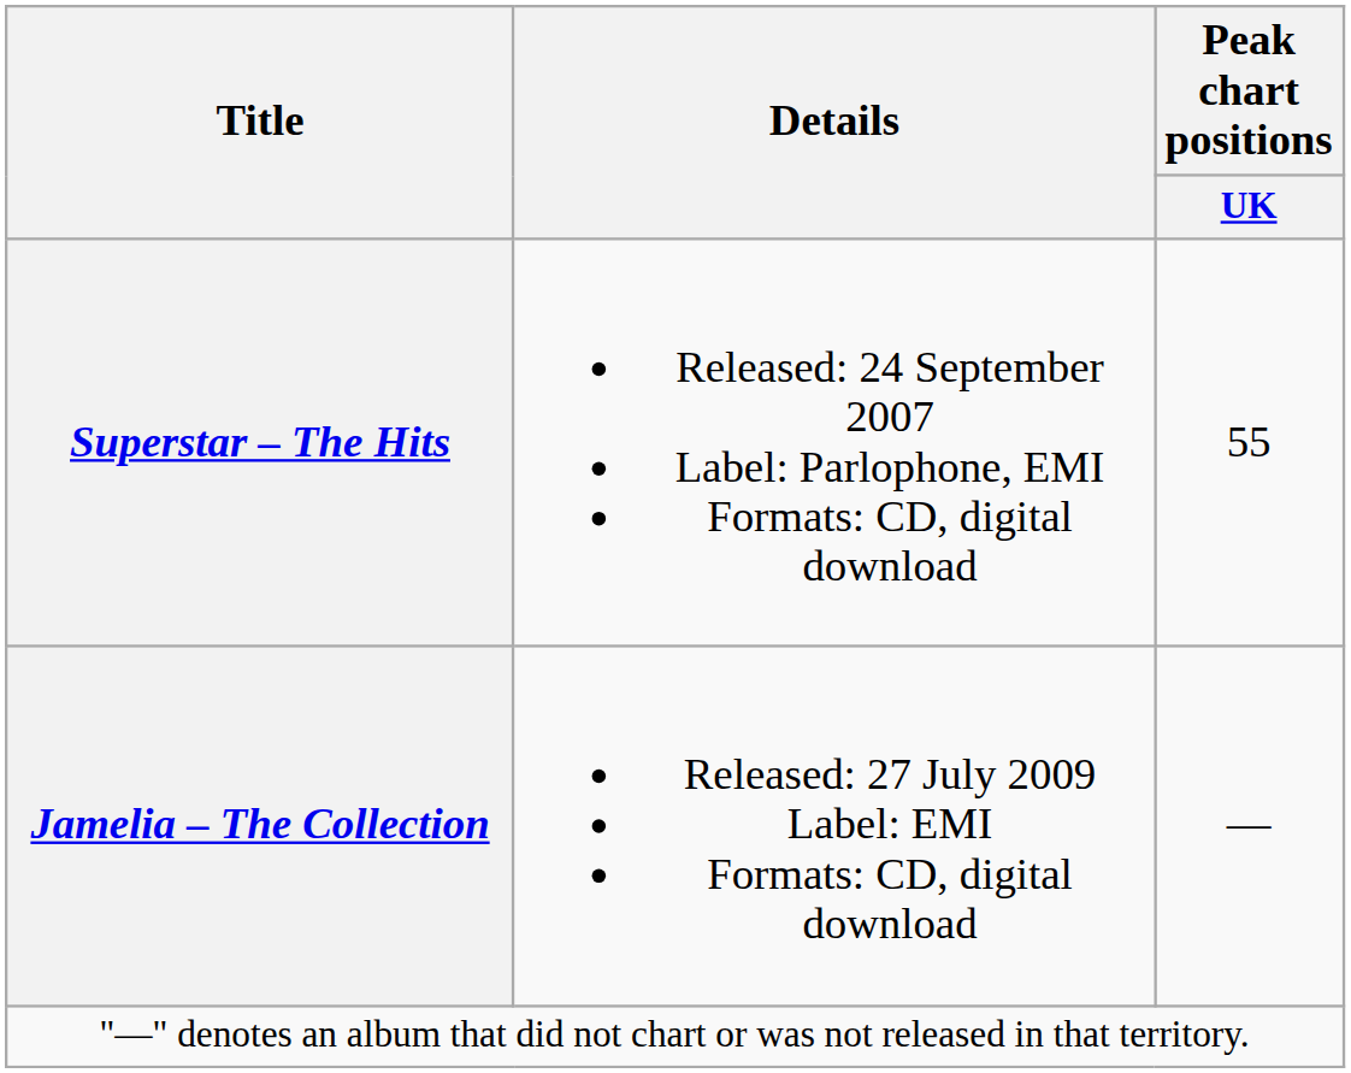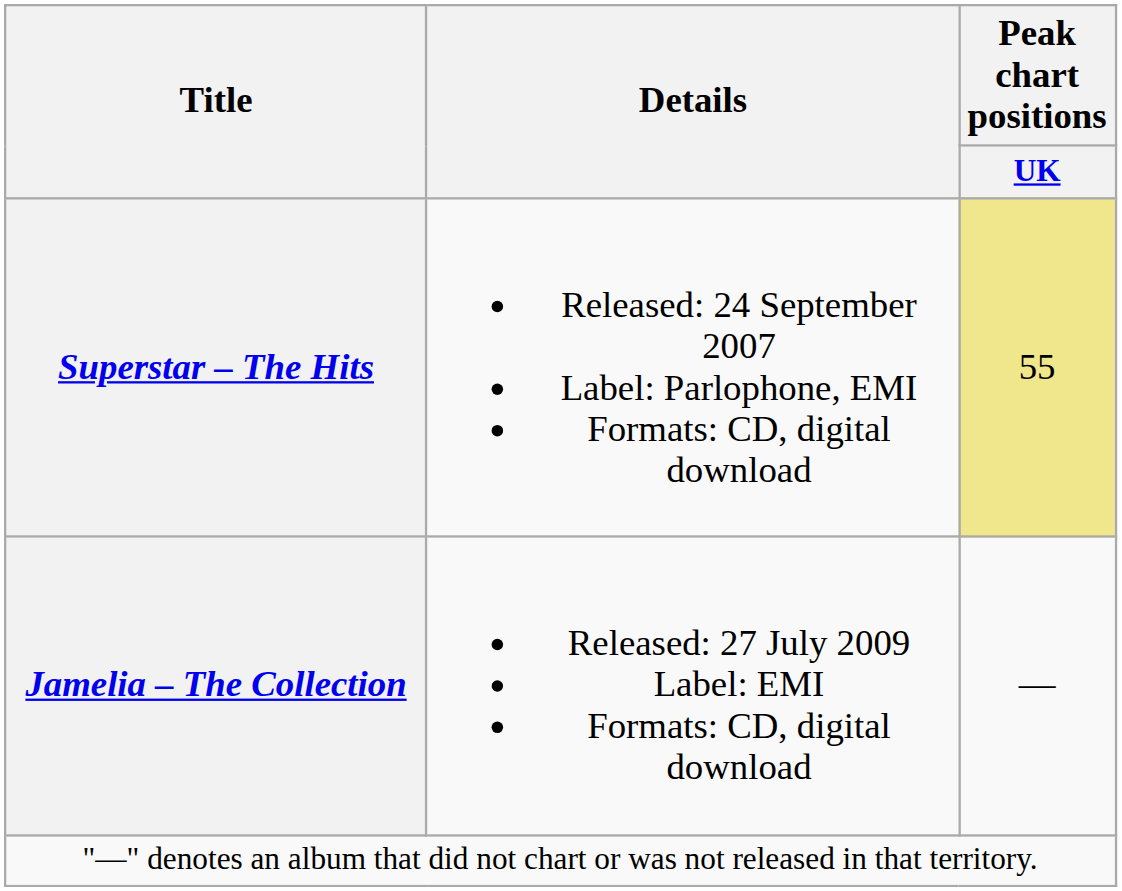 <table class="wikitable plainrowheaders" style="text-align:center;" border="1">
 <tr>
 <th scope="col" rowspan="2" style="width:11em;">Title</th>
 <th scope="col" rowspan="2" style="width:14em;">Details</th>
 <th scope="col" colspan="1">Peak chart positions</th>
 </tr>
 <tr>
 <th scope="col" style="width:3em;font-size:85%;"><a href='#'>UK</a><br></th>
 </tr>
 <tr>
 <th scope="row"><em><a href='#'>Superstar – The Hits</a></em></th>
 <td><br><ul><li>Released: 24 September 2007</li><li>Label: Parlophone, EMI</li><li>Formats: CD, digital download</li></ul></td>
-<td>55</td>
+<td style="background: khaki;">55</td>
 </tr>
 <tr>
 <th scope="row"><em><a href='#'>Jamelia – The Collection</a></em></th>
 <td><br><ul><li>Released: 27 July 2009</li><li>Label: EMI</li><li>Formats: CD, digital download</li></ul></td>
 <td>—</td>
 </tr>
 <tr>
 <td colspan="20" style="font-size:85%">"—" denotes an album that did not chart or was not released in that territory.</td>
 </tr>
 </table>
